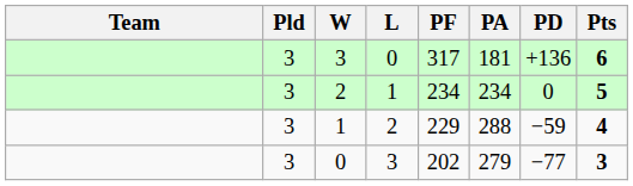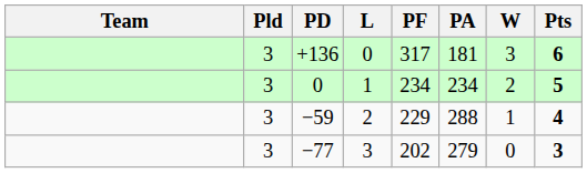 <table class=wikitable style="text-align:center">
 <tr>
 <th width=180>Team</th>
 <th width=30>Pld</th>
-<th width=30>W</th>
+<th width=30>PD</th>
 <th width=30>L</th>
 <th width=30>PF</th>
 <th width=30>PA</th>
-<th width=30>PD</th>
+<th width=30>W</th>
 <th width=30>Pts</th>
 </tr>
 <tr bgcolor="#ccffcc">
 <td align="left"></td>
 <td>3</td>
-<td>3</td>
+<td>+136</td>
 <td>0</td>
 <td>317</td>
 <td>181</td>
-<td>+136</td>
+<td>3</td>
 <td><strong>6</strong></td>
 </tr>
 <tr bgcolor="#ccffcc">
 <td align="left"></td>
 <td>3</td>
-<td>2</td>
+<td>0</td>
 <td>1</td>
 <td>234</td>
 <td>234</td>
-<td>0</td>
+<td>2</td>
 <td><strong>5</strong></td>
 </tr>
 <tr>
 <td align="left"></td>
 <td>3</td>
-<td>1</td>
+<td>−59</td>
 <td>2</td>
 <td>229</td>
 <td>288</td>
-<td>−59</td>
+<td>1</td>
 <td><strong>4</strong></td>
 </tr>
 <tr>
 <td align="left"></td>
 <td>3</td>
-<td>0</td>
+<td>−77</td>
 <td>3</td>
 <td>202</td>
 <td>279</td>
-<td>−77</td>
+<td>0</td>
 <td><strong>3</strong></td>
 </tr>
 </table>
